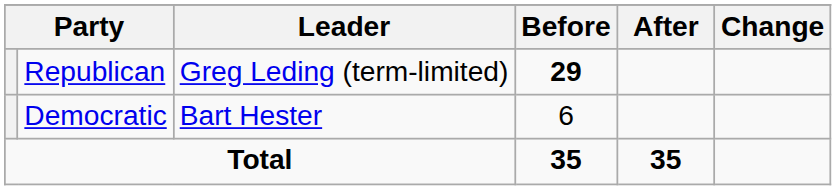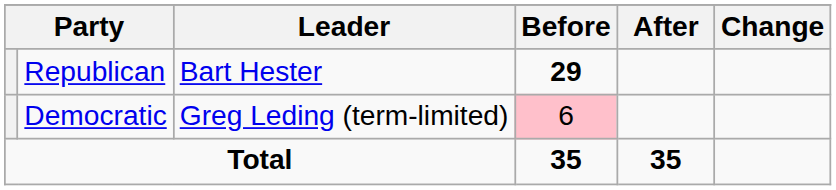 <table class="wikitable" style="text-align:center;">
 <tr>
 </tr>
 <tr>
 <th colspan=2>Party</th>
 <th>Leader</th>
 <th style="width:3em">Before</th>
 <th style="width:3em">After</th>
 <th style="width:3em">Change</th>
 </tr>
 <tr>
 <th style="background-color:"></th>
 <td style="text-align:left;"><a href='#'>Republican</a></td>
-<td style="text-align:left;"><a href='#'>Greg Leding</a> (term-limited)</td>
+<td style="text-align:left;"><a href='#'>Bart Hester</a></td>
 <td><strong>29</strong></td>
 <td></td>
 <td></td>
 </tr>
 <tr>
 <th style="background-color:"></th>
 <td style="text-align:left;"><a href='#'>Democratic</a></td>
-<td style="text-align:left;"><a href='#'>Bart Hester</a></td>
-<td>6</td>
+<td style="text-align:left;"><a href='#'>Greg Leding</a> (term-limited)</td>
+<td style="background: pink;">6</td>
 <td></td>
 <td></td>
 </tr>
 <tr>
 <td colspan=3><strong>Total</strong></td>
 <td><strong>35</strong></td>
 <td><strong>35</strong></td>
 <td></td>
 </tr>
 </table>
